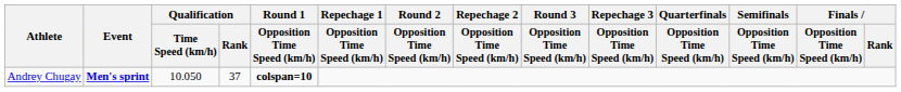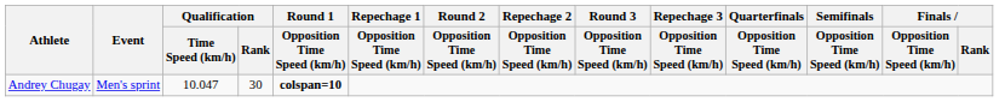 <table class=wikitable style=font-size:90%;text-align:center>
 <tr>
 <th rowspan=2>Athlete</th>
 <th rowspan=2>Event</th>
 <th colspan=2>Qualification</th>
 <th>Round 1</th>
 <th>Repechage 1</th>
 <th>Round 2</th>
 <th>Repechage 2</th>
 <th>Round 3</th>
 <th>Repechage 3</th>
 <th>Quarterfinals</th>
 <th>Semifinals</th>
 <th colspan=2>Finals / </th>
 </tr>
 <tr style=font-size:95%>
 <th>Time<br>Speed (km/h)</th>
 <th>Rank</th>
 <th>Opposition<br>Time<br>Speed (km/h)</th>
 <th>Opposition<br>Time<br>Speed (km/h)</th>
 <th>Opposition<br>Time<br>Speed (km/h)</th>
 <th>Opposition<br>Time<br>Speed (km/h)</th>
 <th>Opposition<br>Time<br>Speed (km/h)</th>
 <th>Opposition<br>Time<br>Speed (km/h)</th>
 <th>Opposition<br>Time<br>Speed (km/h)</th>
 <th>Opposition<br>Time<br>Speed (km/h)</th>
 <th>Opposition<br>Time<br>Speed (km/h)</th>
 <th>Rank</th>
 </tr>
 <tr>
 <td align=left><a href='#'>Andrey Chugay</a></td>
-<td align=left><strong><a href='#'>Men's sprint</a></strong></td>
-<td>10.050</td>
-<td>37</td>
+<td align=left><a href='#'>Men's sprint</a></td>
+<td>10.047</td>
+<td>30</td>
 <td><strong>colspan=10 </strong></td>
 </tr>
 </table>
